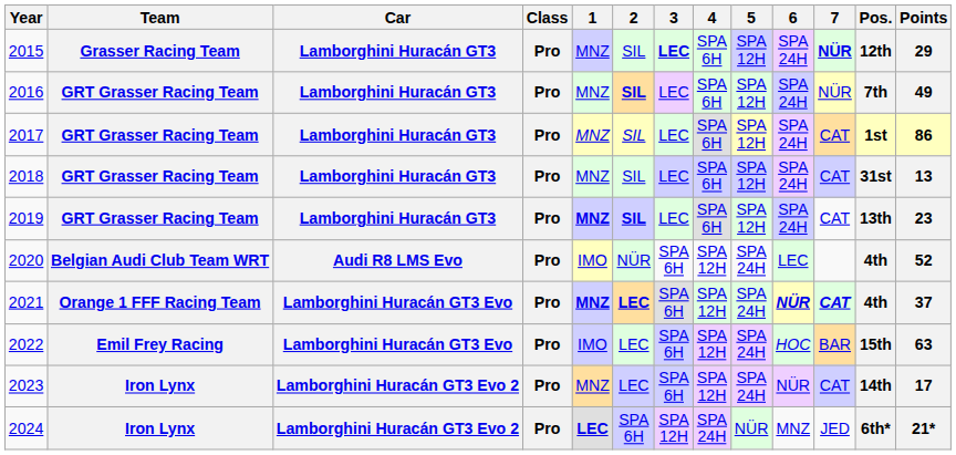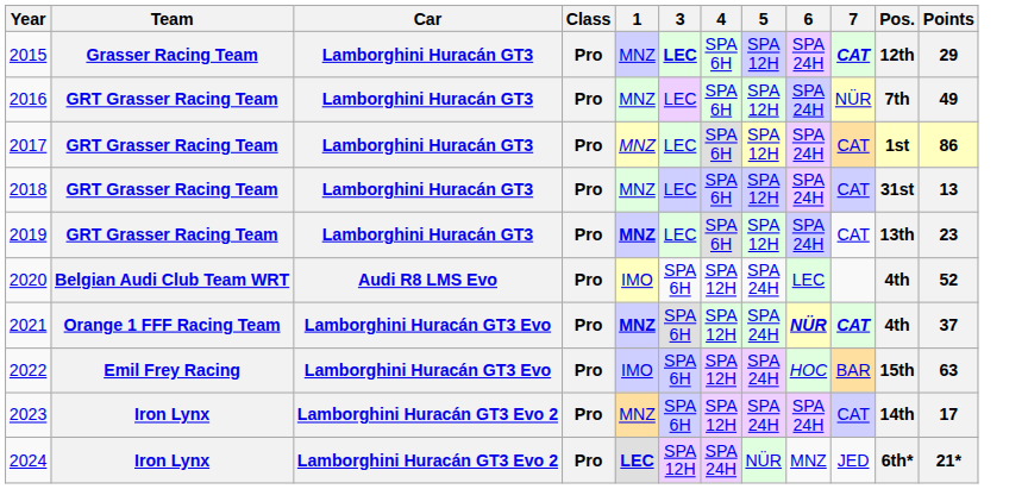 <table class="wikitable" border="1" style="text-align:center; font-size:85%;">
 <tr>
 <th>Year</th>
 <th>Team</th>
 <th>Car</th>
 <th>Class</th>
 <th>1</th>
-<th>2</th>
 <th>3</th>
 <th>4</th>
 <th>5</th>
 <th>6</th>
 <th>7</th>
 <th>Pos.</th>
 <th>Points</th>
 </tr>
 <tr>
 <td><a href='#'>2015</a></td>
 <th nowrap><a href='#'>Grasser Racing Team</a></th>
 <th nowrap><a href='#'>Lamborghini Huracán GT3</a></th>
 <th>Pro</th>
 <td style="background:#CFCFFF;"><a href='#'>MNZ</a><br></td>
-<td style="background:#DFFFDF;"><a href='#'>SIL</a><br></td>
 <td style="background:#DFFFDF;"><strong><a href='#'>LEC</a></strong><br></td>
 <td style="background:#DFFFDF;"><a href='#'>SPA<br>6H</a><br></td>
 <td style="background:#CFCFFF;"><a href='#'>SPA<br>12H</a><br></td>
 <td style="background:#EFCFFF;"><a href='#'>SPA<br>24H</a><br></td>
-<td style="background:#DFFFDF;"><strong><a href='#'>NÜR</a></strong><br></td>
+<td style="background:#DFFFDF;"><strong><em><a href='#'>CAT</a></em></strong><br></td>
 <th>12th</th>
 <th>29</th>
 </tr>
 <tr>
 <td><a href='#'>2016</a></td>
 <th nowrap><a href='#'>GRT Grasser Racing Team</a></th>
 <th nowrap><a href='#'>Lamborghini Huracán GT3</a></th>
 <th>Pro</th>
 <td style="background:#DFFFDF;"><a href='#'>MNZ</a><br></td>
-<td style="background:#FFDF9F;"><strong><a href='#'>SIL</a></strong><br></td>
 <td style="background:#EFCFFF;"><a href='#'>LEC</a><br></td>
 <td style="background:#DFFFDF;"><a href='#'>SPA<br>6H</a><br></td>
 <td style="background:#DFFFDF;"><a href='#'>SPA<br>12H</a><br></td>
 <td style="background:#CFCFFF;"><a href='#'>SPA<br>24H</a><br></td>
 <td style="background:#FFFFBF;"><a href='#'>NÜR</a><br></td>
 <th>7th</th>
 <th>49</th>
 </tr>
 <tr>
 <td><a href='#'>2017</a></td>
 <th nowrap><a href='#'>GRT Grasser Racing Team</a></th>
 <th nowrap><a href='#'>Lamborghini Huracán GT3</a></th>
 <th>Pro</th>
 <td style="background:#FFFFBF;"><em><a href='#'>MNZ</a></em><br></td>
-<td style="background:#FFFFBF;"><em><a href='#'>SIL</a></em><br></td>
 <td style="background:#DFFFDF;"><a href='#'>LEC</a><br></td>
 <td style="background:#DFDFDF;"><a href='#'>SPA<br>6H</a><br></td>
 <td style="background:#FFFFBF;"><a href='#'>SPA<br>12H</a><br></td>
 <td style="background:#EFCFFF;"><a href='#'>SPA<br>24H</a><br></td>
 <td style="background:#FFDF9F;"><a href='#'>CAT</a><br></td>
 <th style="background:#FFFFBF;">1st</th>
 <th style="background:#FFFFBF;">86</th>
 </tr>
 <tr>
 <td><a href='#'>2018</a></td>
 <th nowrap><a href='#'>GRT Grasser Racing Team</a></th>
 <th nowrap><a href='#'>Lamborghini Huracán GT3</a></th>
 <th>Pro</th>
 <td style="background:#DFFFDF;"><a href='#'>MNZ</a><br></td>
-<td style="background:#DFFFDF;"><a href='#'>SIL</a><br></td>
 <td style="background:#CFCFFF;"><a href='#'>LEC</a><br></td>
 <td style="background:#CFCFFF;"><a href='#'>SPA<br>6H</a><br></td>
 <td style="background:#CFCFFF;"><a href='#'>SPA<br>12H</a><br></td>
 <td style="background:#EFCFFF;"><a href='#'>SPA<br>24H</a><br></td>
 <td style="background:#CFCFFF;"><a href='#'>CAT</a><br></td>
 <th>31st</th>
 <th>13</th>
 </tr>
 <tr>
 <td><a href='#'>2019</a></td>
 <th nowrap><a href='#'>GRT Grasser Racing Team</a></th>
 <th nowrap><a href='#'>Lamborghini Huracán GT3</a></th>
 <th>Pro</th>
 <td style="background:#CFCFFF;"><strong><a href='#'>MNZ</a></strong><br></td>
-<td style="background:#CFCFFF;"><strong><a href='#'>SIL</a></strong><br></td>
 <td style="background:#DFFFDF;"><a href='#'>LEC</a><br></td>
 <td style="background:#DFDFDF;"><a href='#'>SPA<br>6H</a><br></td>
 <td style="background:#DFFFDF;"><a href='#'>SPA<br>12H</a><br></td>
 <td style="background:#CFCFFF;"><a href='#'>SPA<br>24H</a><br></td>
 <td><a href='#'>CAT</a></td>
 <th>13th</th>
 <th>23</th>
 </tr>
 <tr>
 <td><a href='#'>2020</a></td>
 <th nowrap><a href='#'>Belgian Audi Club Team WRT</a></th>
 <th nowrap><a href='#'>Audi R8 LMS Evo</a></th>
 <th>Pro</th>
 <td style="background:#FFFFBF;"><a href='#'>IMO</a><br></td>
-<td style="background:#DFFFDF;"><a href='#'>NÜR</a><br></td>
 <td><a href='#'>SPA<br>6H</a></td>
 <td><a href='#'>SPA<br>12H</a></td>
 <td><a href='#'>SPA<br>24H</a></td>
 <td style="background:#DFFFDF;"><a href='#'>LEC</a><br></td>
 <td></td>
 <th>4th</th>
 <th>52</th>
 </tr>
 <tr>
 <td><a href='#'>2021</a></td>
 <th nowrap><a href='#'>Orange 1 FFF Racing Team</a></th>
 <th nowrap><a href='#'>Lamborghini Huracán GT3 Evo</a></th>
 <th>Pro</th>
 <td style="background:#CFCFFF;"><strong><a href='#'>MNZ</a></strong><br></td>
-<td style="background:#FFDF9F;"><strong><a href='#'>LEC</a></strong><br></td>
 <td style="background:#DFDFDF;"><a href='#'>SPA<br>6H</a><br></td>
 <td style="background:#DFFFDF;"><a href='#'>SPA<br>12H</a><br></td>
 <td style="background:#DFFFDF;"><a href='#'>SPA<br>24H</a><br></td>
 <td style="background:#FFFFBF;"><strong><em><a href='#'>NÜR</a></em></strong><br></td>
 <td style="background:#DFFFDF;"><strong><em><a href='#'>CAT</a></em></strong><br></td>
 <th>4th</th>
 <th>37</th>
 </tr>
 <tr>
 <td><a href='#'>2022</a></td>
 <th nowrap><a href='#'>Emil Frey Racing</a></th>
 <th nowrap><a href='#'>Lamborghini Huracán GT3 Evo</a></th>
 <th>Pro</th>
 <td style="background:#CFCFFF;"><a href='#'>IMO</a><br></td>
-<td style="background:#DFFFDF;"><a href='#'>LEC</a><br></td>
 <td style="background:#CFCFFF;"><a href='#'>SPA<br>6H</a><br></td>
 <td style="background:#EFCFFF;"><a href='#'>SPA<br>12H</a><br></td>
 <td style="background:#EFCFFF;"><a href='#'>SPA<br>24H</a><br></td>
 <td style="background:#DFFFDF;"><em><a href='#'>HOC</a></em><br> </td>
 <td style="background:#FFDF9F;"><a href='#'>BAR</a> <br> </td>
 <th>15th</th>
 <th>63</th>
 </tr>
 <tr>
 <td><a href='#'>2023</a></td>
 <th nowrap><a href='#'>Iron Lynx</a></th>
 <th nowrap><a href='#'>Lamborghini Huracán GT3 Evo 2</a></th>
 <th>Pro</th>
 <td style="background:#FFDF9F;"><a href='#'>MNZ</a><br></td>
-<td style="background:#CFCFFF;"><a href='#'>LEC</a><br></td>
 <td style="background:#CFCFFF;"><a href='#'>SPA<br>6H</a><br></td>
 <td style="background:#EFCFFF;"><a href='#'>SPA<br>12H</a><br></td>
 <td style="background:#EFCFFF;"><a href='#'>SPA<br>24H</a><br></td>
-<td style="background:#EFCFFF;"><a href='#'>NÜR</a><br></td>
+<td style="background:#EFCFFF;"><a href='#'>SPA<br>24H</a><br></td>
 <td style="background:#CFCFFF;"><a href='#'>CAT</a><br></td>
 <th>14th</th>
 <th>17</th>
 </tr>
 <tr>
 <td><a href='#'>2024</a></td>
 <th nowrap><a href='#'>Iron Lynx</a></th>
 <th nowrap><a href='#'>Lamborghini Huracán GT3 Evo 2</a></th>
 <th>Pro</th>
 <td style="background:#DFDFDF;"><strong><a href='#'>LEC</a></strong><br></td>
-<td style="background:#CFCFFF;"><a href='#'>SPA<br>6H</a><br></td>
 <td style="background:#EFCFFF;"><a href='#'>SPA<br>12H</a><br></td>
 <td style="background:#EFCFFF;"><a href='#'>SPA<br>24H</a><br></td>
 <td style="background:#DFFFDF;"><a href='#'>NÜR</a><br></td>
 <td><a href='#'>MNZ</a></td>
 <td><a href='#'>JED</a></td>
 <th>6th*</th>
 <th>21*</th>
 </tr>
 </table>
